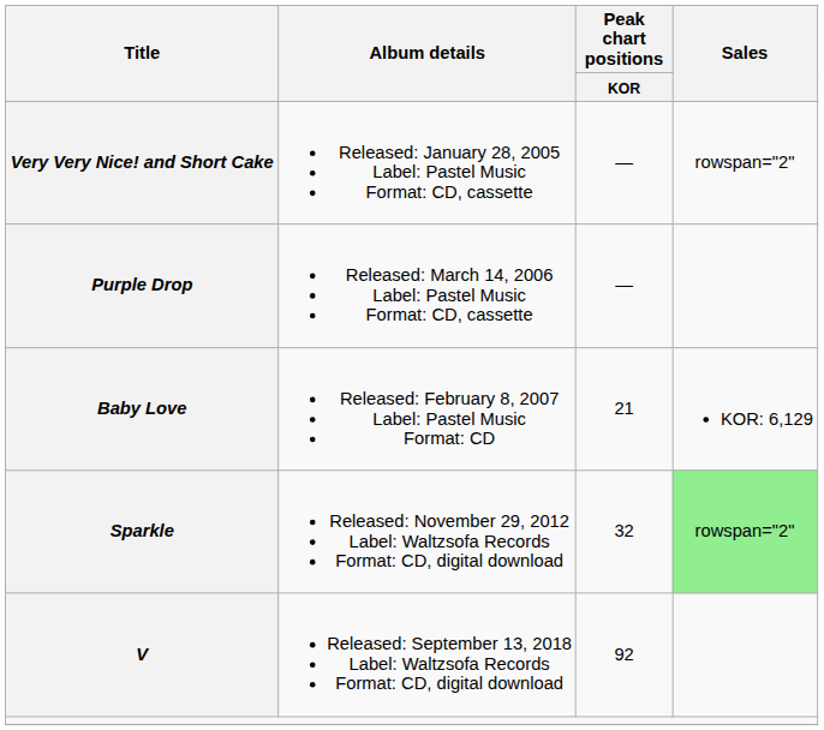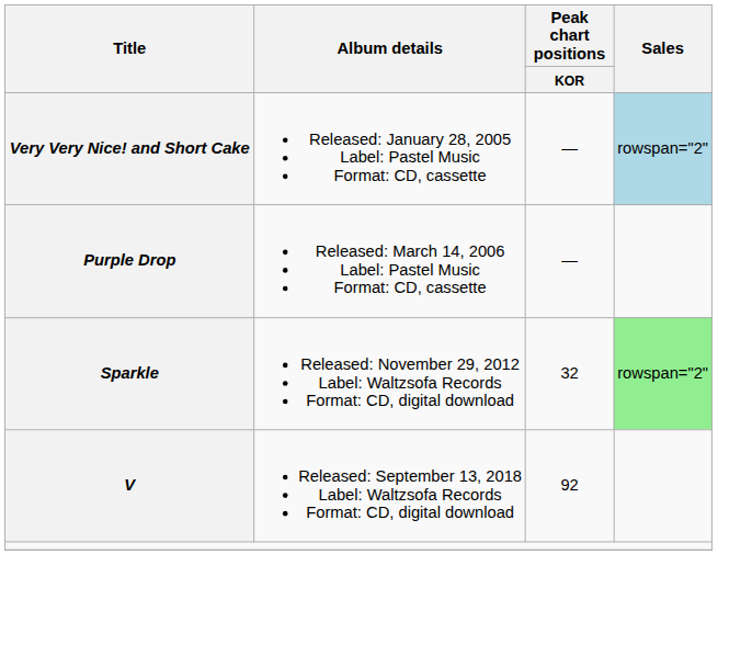 <table class="wikitable plainrowheaders" style="text-align:center;">
 <tr>
 <th rowspan="2" scope="col" style="width:15em;">Title</th>
 <th rowspan="2" scope="col">Album details</th>
 <th colspan="1" scope="col" style="width:5em;">Peak chart positions</th>
 <th rowspan="2" scope="col">Sales</th>
 </tr>
 <tr>
 <th><small>KOR</small><br></th>
 </tr>
 <tr>
 <th scope="row"><em>Very Very Nice! and Short Cake</em></th>
 <td><br><ul><li>Released: January 28, 2005</li><li>Label: Pastel Music</li><li>Format: CD, cassette</li></ul></td>
 <td>—</td>
-<td>rowspan="2" </td>
+<td style="background: lightblue;">rowspan="2" </td>
 </tr>
 <tr>
 <th scope="row"><em>Purple Drop</em></th>
 <td><br><ul><li>Released: March 14, 2006</li><li>Label: Pastel Music</li><li>Format: CD, cassette</li></ul></td>
 <td>—</td>
-</tr>
-<tr>
-<th scope="row"><em>Baby Love</em></th>
-<td><br><ul><li>Released: February 8, 2007</li><li>Label: Pastel Music</li><li>Format: CD</li></ul></td>
-<td>21</td>
-<td><br><ul><li>KOR: 6,129</li></ul></td>
 </tr>
 <tr>
 <th scope="row"><em>Sparkle</em></th>
 <td><br><ul><li>Released: November 29, 2012</li><li>Label: Waltzsofa Records</li><li>Format: CD, digital download</li></ul></td>
 <td>32</td>
 <td style="background: lightgreen;">rowspan="2" </td>
 </tr>
 <tr>
 <th scope="row"><em>V</em></th>
 <td><br><ul><li>Released: September 13, 2018</li><li>Label: Waltzsofa Records</li><li>Format: CD, digital download</li></ul></td>
 <td>92</td>
 </tr>
 <tr>
 <td colspan="4"></td>
 </tr>
 <tr>
 </tr>
 </table>
